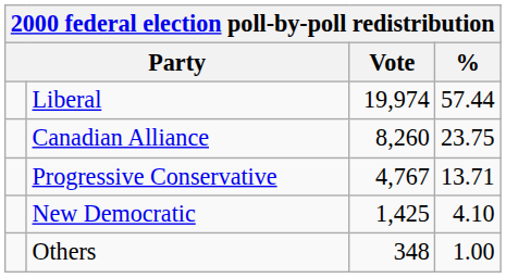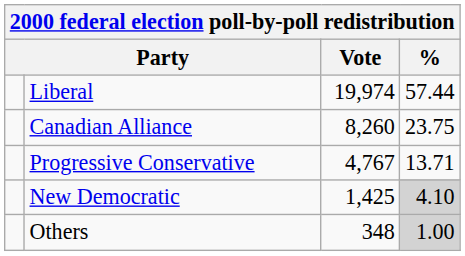 <table class="wikitable">
 <tr>
 <th colspan="4"><a href='#'>2000 federal election</a> poll-by-poll redistribution</th>
 </tr>
 <tr>
 <th bgcolor="#DDDDFF" width="130px" colspan="2">Party</th>
 <th bgcolor="#DDDDFF" width="50px">Vote</th>
 <th bgcolor="#DDDDFF" width="30px">%</th>
 </tr>
 <tr>
 <td> </td>
 <td><a href='#'>Liberal</a></td>
 <td align=right>19,974</td>
 <td align=right>57.44</td>
 </tr>
 <tr>
 <td> </td>
 <td><a href='#'>Canadian Alliance</a></td>
 <td align=right>8,260</td>
 <td align=right>23.75</td>
 </tr>
 <tr>
 <td> </td>
 <td><a href='#'>Progressive Conservative</a></td>
 <td align=right>4,767</td>
 <td align=right>13.71</td>
 </tr>
 <tr>
 <td> </td>
 <td><a href='#'>New Democratic</a></td>
 <td align=right>1,425</td>
-<td align=right>4.10</td>
+<td align=right style="background: lightgrey;">4.10</td>
 </tr>
 <tr>
 <td> </td>
 <td>Others</td>
 <td align=right>348</td>
-<td align=right>1.00</td>
+<td align=right style="background: lightgrey;">1.00</td>
 </tr>
 </table>
